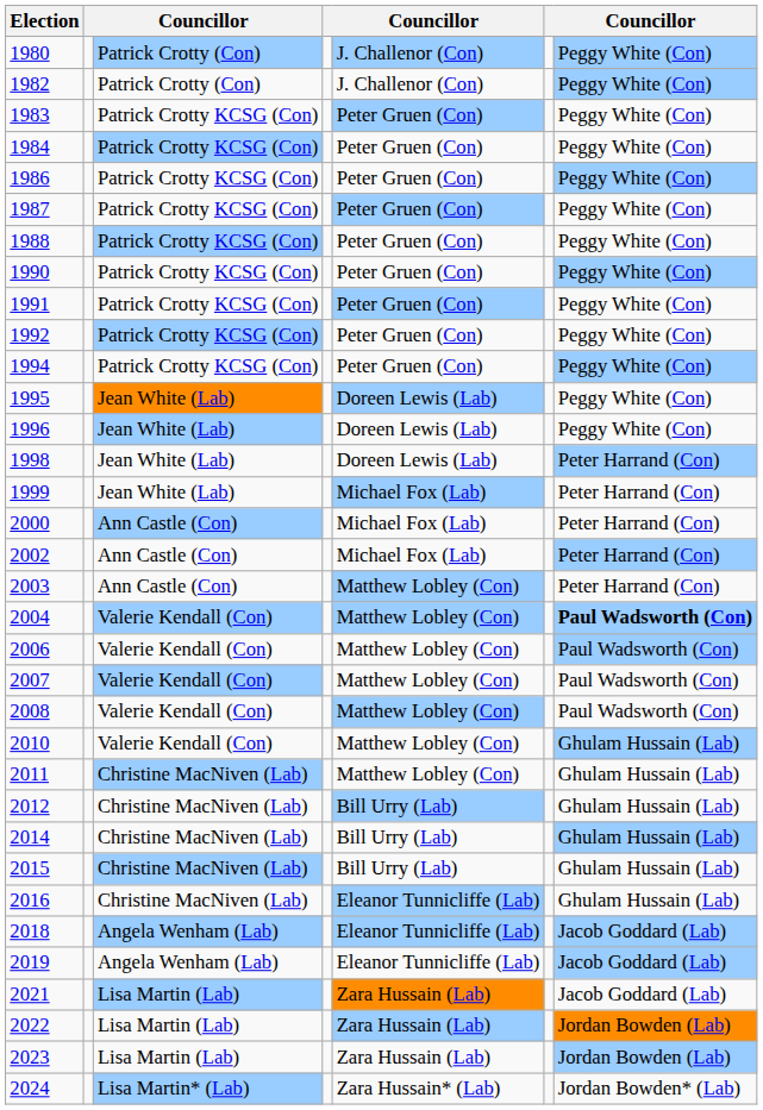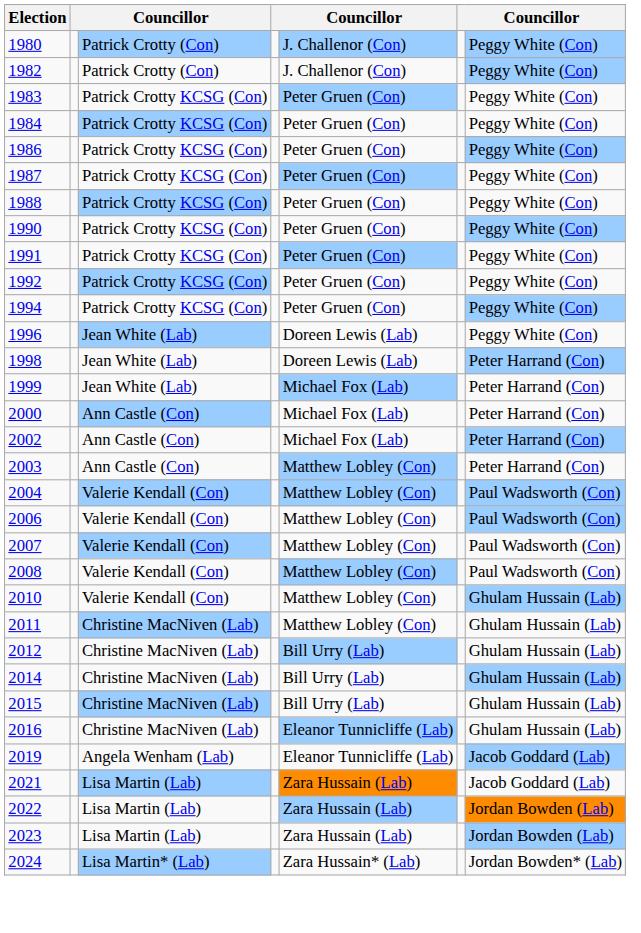 <table class="wikitable">
 <tr>
 <th>Election</th>
 <th colspan="2">Councillor</th>
 <th colspan="2">Councillor</th>
 <th colspan="2">Councillor</th>
 </tr>
 <tr>
 <td><a href='#'>1980</a></td>
 <td style="background-color: "></td>
 <td bgcolor="#99CCFF">Patrick Crotty  (<a href='#'>Con</a>)</td>
 <td style="background-color: "></td>
 <td bgcolor="#99CCFF">J. Challenor (<a href='#'>Con</a>)</td>
 <td style="background-color: "></td>
 <td bgcolor="#99CCFF">Peggy White  (<a href='#'>Con</a>)</td>
 </tr>
 <tr>
 <td><a href='#'>1982</a></td>
 <td style="background-color: "></td>
 <td>Patrick Crotty  (<a href='#'>Con</a>)</td>
 <td style="background-color: "></td>
 <td>J. Challenor (<a href='#'>Con</a>)</td>
 <td style="background-color: "></td>
 <td bgcolor="#99CCFF">Peggy White  (<a href='#'>Con</a>)</td>
 </tr>
 <tr>
 <td><a href='#'>1983</a></td>
 <td style="background-color: "></td>
 <td>Patrick Crotty  <a href='#'>KCSG</a> (<a href='#'>Con</a>)</td>
 <td style="background-color: "></td>
 <td bgcolor="#99CCFF">Peter Gruen (<a href='#'>Con</a>)</td>
 <td style="background-color: "></td>
 <td>Peggy White  (<a href='#'>Con</a>)</td>
 </tr>
 <tr>
 <td><a href='#'>1984</a></td>
 <td style="background-color: "></td>
 <td bgcolor="#99CCFF">Patrick Crotty  <a href='#'>KCSG</a> (<a href='#'>Con</a>)</td>
 <td style="background-color: "></td>
 <td>Peter Gruen (<a href='#'>Con</a>)</td>
 <td style="background-color: "></td>
 <td>Peggy White  (<a href='#'>Con</a>)</td>
 </tr>
 <tr>
 <td><a href='#'>1986</a></td>
 <td style="background-color: "></td>
 <td>Patrick Crotty  <a href='#'>KCSG</a> (<a href='#'>Con</a>)</td>
 <td style="background-color: "></td>
 <td>Peter Gruen (<a href='#'>Con</a>)</td>
 <td style="background-color: "></td>
 <td bgcolor="#99CCFF">Peggy White  (<a href='#'>Con</a>)</td>
 </tr>
 <tr>
 <td><a href='#'>1987</a></td>
 <td style="background-color: "></td>
 <td>Patrick Crotty  <a href='#'>KCSG</a> (<a href='#'>Con</a>)</td>
 <td style="background-color: "></td>
 <td bgcolor="#99CCFF">Peter Gruen (<a href='#'>Con</a>)</td>
 <td style="background-color: "></td>
 <td>Peggy White  (<a href='#'>Con</a>)</td>
 </tr>
 <tr>
 <td><a href='#'>1988</a></td>
 <td style="background-color: "></td>
 <td bgcolor="#99CCFF">Patrick Crotty  <a href='#'>KCSG</a> (<a href='#'>Con</a>)</td>
 <td style="background-color: "></td>
 <td>Peter Gruen (<a href='#'>Con</a>)</td>
 <td style="background-color: "></td>
 <td>Peggy White  (<a href='#'>Con</a>)</td>
 </tr>
 <tr>
 <td><a href='#'>1990</a></td>
 <td style="background-color: "></td>
 <td>Patrick Crotty  <a href='#'>KCSG</a> (<a href='#'>Con</a>)</td>
 <td style="background-color: "></td>
 <td>Peter Gruen (<a href='#'>Con</a>)</td>
 <td style="background-color: "></td>
 <td bgcolor="#99CCFF">Peggy White  (<a href='#'>Con</a>)</td>
 </tr>
 <tr>
 <td><a href='#'>1991</a></td>
 <td style="background-color: "></td>
 <td>Patrick Crotty  <a href='#'>KCSG</a> (<a href='#'>Con</a>)</td>
 <td style="background-color: "></td>
 <td bgcolor="#99CCFF">Peter Gruen (<a href='#'>Con</a>)</td>
 <td style="background-color: "></td>
 <td>Peggy White  (<a href='#'>Con</a>)</td>
 </tr>
 <tr>
 <td><a href='#'>1992</a></td>
 <td style="background-color: "></td>
 <td bgcolor="#99CCFF">Patrick Crotty  <a href='#'>KCSG</a> (<a href='#'>Con</a>)</td>
 <td style="background-color: "></td>
 <td>Peter Gruen (<a href='#'>Con</a>)</td>
 <td style="background-color: "></td>
 <td>Peggy White  (<a href='#'>Con</a>)</td>
 </tr>
 <tr>
 <td><a href='#'>1994</a></td>
 <td style="background-color: "></td>
 <td>Patrick Crotty  <a href='#'>KCSG</a> (<a href='#'>Con</a>)</td>
 <td style="background-color: "></td>
 <td>Peter Gruen (<a href='#'>Con</a>)</td>
 <td style="background-color: "></td>
 <td bgcolor="#99CCFF">Peggy White  (<a href='#'>Con</a>)</td>
 </tr>
 <tr>
-<td><a href='#'>1995</a></td>
-<td style="background-color: "></td>
-<td bgcolor="#FF8C00">Jean White (<a href='#'>Lab</a>)</td>
-<td style="background-color: "></td>
-<td bgcolor="#99CCFF">Doreen Lewis (<a href='#'>Lab</a>)</td>
-<td style="background-color: "></td>
-<td>Peggy White  (<a href='#'>Con</a>)</td>
-</tr>
-<tr>
 <td><a href='#'>1996</a></td>
 <td style="background-color: "></td>
 <td bgcolor="#99CCFF">Jean White (<a href='#'>Lab</a>)</td>
 <td style="background-color: "></td>
 <td>Doreen Lewis (<a href='#'>Lab</a>)</td>
 <td style="background-color: "></td>
 <td>Peggy White  (<a href='#'>Con</a>)</td>
 </tr>
 <tr>
 <td><a href='#'>1998</a></td>
 <td style="background-color: "></td>
 <td>Jean White (<a href='#'>Lab</a>)</td>
 <td style="background-color: "></td>
 <td>Doreen Lewis (<a href='#'>Lab</a>)</td>
 <td style="background-color: "></td>
 <td bgcolor="#99CCFF">Peter Harrand (<a href='#'>Con</a>)</td>
 </tr>
 <tr>
 <td><a href='#'>1999</a></td>
 <td style="background-color: "></td>
 <td>Jean White (<a href='#'>Lab</a>)</td>
 <td style="background-color: "></td>
 <td bgcolor="#99CCFF">Michael Fox (<a href='#'>Lab</a>)</td>
 <td style="background-color: "></td>
 <td>Peter Harrand (<a href='#'>Con</a>)</td>
 </tr>
 <tr>
 <td><a href='#'>2000</a></td>
 <td style="background-color: "></td>
 <td bgcolor="#99CCFF">Ann Castle (<a href='#'>Con</a>)</td>
 <td style="background-color: "></td>
 <td>Michael Fox (<a href='#'>Lab</a>)</td>
 <td style="background-color: "></td>
 <td>Peter Harrand (<a href='#'>Con</a>)</td>
 </tr>
 <tr>
 <td><a href='#'>2002</a></td>
 <td style="background-color: "></td>
 <td>Ann Castle (<a href='#'>Con</a>)</td>
 <td style="background-color: "></td>
 <td>Michael Fox (<a href='#'>Lab</a>)</td>
 <td style="background-color: "></td>
 <td bgcolor="#99CCFF">Peter Harrand (<a href='#'>Con</a>)</td>
 </tr>
 <tr>
 <td><a href='#'>2003</a></td>
 <td style="background-color: "></td>
 <td>Ann Castle (<a href='#'>Con</a>)</td>
 <td style="background-color: "></td>
 <td bgcolor="#99CCFF">Matthew Lobley (<a href='#'>Con</a>)</td>
 <td style="background-color: "></td>
 <td>Peter Harrand (<a href='#'>Con</a>)</td>
 </tr>
 <tr>
 <td><a href='#'>2004</a></td>
 <td style="background-color: "></td>
 <td bgcolor="#99CCFF">Valerie Kendall (<a href='#'>Con</a>)</td>
 <td style="background-color: "></td>
 <td bgcolor="#99CCFF">Matthew Lobley (<a href='#'>Con</a>)</td>
 <td style="background-color: "></td>
-<td bgcolor="#99CCFF"><strong>Paul Wadsworth (<a href='#'>Con</a>)</strong></td>
+<td bgcolor="#99CCFF">Paul Wadsworth (<a href='#'>Con</a>)</td>
 </tr>
 <tr>
 <td><a href='#'>2006</a></td>
 <td style="background-color: "></td>
 <td>Valerie Kendall (<a href='#'>Con</a>)</td>
 <td style="background-color: "></td>
 <td>Matthew Lobley (<a href='#'>Con</a>)</td>
 <td style="background-color: "></td>
 <td bgcolor="#99CCFF">Paul Wadsworth (<a href='#'>Con</a>)</td>
 </tr>
 <tr>
 <td><a href='#'>2007</a></td>
 <td style="background-color: "></td>
 <td bgcolor="#99CCFF">Valerie Kendall (<a href='#'>Con</a>)</td>
 <td style="background-color: "></td>
 <td>Matthew Lobley (<a href='#'>Con</a>)</td>
 <td style="background-color: "></td>
 <td>Paul Wadsworth (<a href='#'>Con</a>)</td>
 </tr>
 <tr>
 <td><a href='#'>2008</a></td>
 <td style="background-color: "></td>
 <td>Valerie Kendall (<a href='#'>Con</a>)</td>
 <td style="background-color: "></td>
 <td bgcolor="#99CCFF">Matthew Lobley (<a href='#'>Con</a>)</td>
 <td style="background-color: "></td>
 <td>Paul Wadsworth (<a href='#'>Con</a>)</td>
 </tr>
 <tr>
 <td><a href='#'>2010</a></td>
 <td style="background-color: "></td>
 <td>Valerie Kendall (<a href='#'>Con</a>)</td>
 <td style="background-color: "></td>
 <td>Matthew Lobley (<a href='#'>Con</a>)</td>
 <td style="background-color: "></td>
 <td bgcolor="#99CCFF">Ghulam Hussain (<a href='#'>Lab</a>)</td>
 </tr>
 <tr>
 <td><a href='#'>2011</a></td>
 <td style="background-color: "></td>
 <td bgcolor="#99CCFF">Christine MacNiven (<a href='#'>Lab</a>)</td>
 <td style="background-color: "></td>
 <td>Matthew Lobley (<a href='#'>Con</a>)</td>
 <td style="background-color: "></td>
 <td>Ghulam Hussain (<a href='#'>Lab</a>)</td>
 </tr>
 <tr>
 <td><a href='#'>2012</a></td>
 <td style="background-color: "></td>
 <td>Christine MacNiven (<a href='#'>Lab</a>)</td>
 <td style="background-color: "></td>
 <td bgcolor="#99CCFF">Bill Urry (<a href='#'>Lab</a>)</td>
 <td style="background-color: "></td>
 <td>Ghulam Hussain (<a href='#'>Lab</a>)</td>
 </tr>
 <tr>
 <td><a href='#'>2014</a></td>
 <td style="background-color: "></td>
 <td>Christine MacNiven (<a href='#'>Lab</a>)</td>
 <td style="background-color: "></td>
 <td>Bill Urry (<a href='#'>Lab</a>)</td>
 <td style="background-color: "></td>
 <td bgcolor="#99CCFF">Ghulam Hussain (<a href='#'>Lab</a>)</td>
 </tr>
 <tr>
 <td><a href='#'>2015</a></td>
 <td style="background-color: "></td>
 <td bgcolor="#99CCFF">Christine MacNiven (<a href='#'>Lab</a>)</td>
 <td style="background-color: "></td>
 <td>Bill Urry (<a href='#'>Lab</a>)</td>
 <td style="background-color: "></td>
 <td>Ghulam Hussain (<a href='#'>Lab</a>)</td>
 </tr>
 <tr>
 <td><a href='#'>2016</a></td>
 <td style="background-color: "></td>
 <td>Christine MacNiven (<a href='#'>Lab</a>)</td>
 <td style="background-color: "></td>
 <td bgcolor="#99CCFF">Eleanor Tunnicliffe (<a href='#'>Lab</a>)</td>
 <td style="background-color: "></td>
 <td>Ghulam Hussain (<a href='#'>Lab</a>)</td>
 </tr>
 <tr>
-<td><a href='#'>2018</a></td>
-<td style="background-color: "></td>
-<td bgcolor="#99CCFF">Angela Wenham (<a href='#'>Lab</a>)</td>
-<td style="background-color: "></td>
-<td bgcolor="#99CCFF">Eleanor Tunnicliffe (<a href='#'>Lab</a>)</td>
-<td style="background-color: "></td>
-<td bgcolor="#99CCFF">Jacob Goddard (<a href='#'>Lab</a>)</td>
-</tr>
-<tr>
 <td><a href='#'>2019</a></td>
 <td style="background-color: "></td>
 <td>Angela Wenham (<a href='#'>Lab</a>)</td>
 <td style="background-color: "></td>
 <td>Eleanor Tunnicliffe (<a href='#'>Lab</a>)</td>
 <td style="background-color: "></td>
 <td bgcolor="#99CCFF">Jacob Goddard (<a href='#'>Lab</a>)</td>
 </tr>
 <tr>
 <td><a href='#'>2021</a></td>
 <td style="background-color: "></td>
 <td bgcolor="#99CCFF">Lisa Martin (<a href='#'>Lab</a>)</td>
 <td style="background-color: "></td>
 <td bgcolor="#FF8C00">Zara Hussain (<a href='#'>Lab</a>)</td>
 <td style="background-color: "></td>
 <td>Jacob Goddard (<a href='#'>Lab</a>)</td>
 </tr>
 <tr>
 <td><a href='#'>2022</a></td>
 <td style="background-color: "></td>
 <td>Lisa Martin (<a href='#'>Lab</a>)</td>
 <td style="background-color: "></td>
 <td bgcolor="#99CCFF">Zara Hussain (<a href='#'>Lab</a>)</td>
 <td style="background-color: "></td>
 <td bgcolor="#FF8C00">Jordan Bowden (<a href='#'>Lab</a>)</td>
 </tr>
 <tr>
 <td><a href='#'>2023</a></td>
 <td style="background-color: "></td>
 <td>Lisa Martin (<a href='#'>Lab</a>)</td>
 <td style="background-color: "></td>
 <td>Zara Hussain (<a href='#'>Lab</a>)</td>
 <td style="background-color: "></td>
 <td bgcolor="#99CCFF">Jordan Bowden (<a href='#'>Lab</a>)</td>
 </tr>
 <tr>
 <td><a href='#'>2024</a></td>
 <td style="background-color: "></td>
 <td bgcolor="#99CCFF">Lisa Martin* (<a href='#'>Lab</a>)</td>
 <td style="background-color: "></td>
 <td>Zara Hussain* (<a href='#'>Lab</a>)</td>
 <td style="background-color: "></td>
 <td>Jordan Bowden* (<a href='#'>Lab</a>)</td>
 </tr>
 </table>
